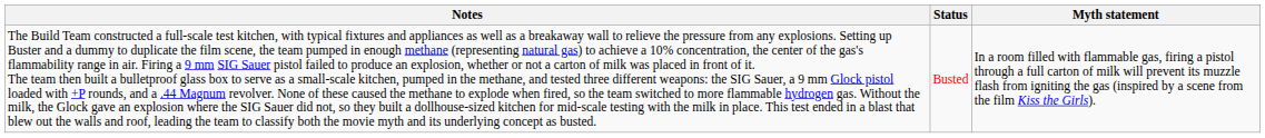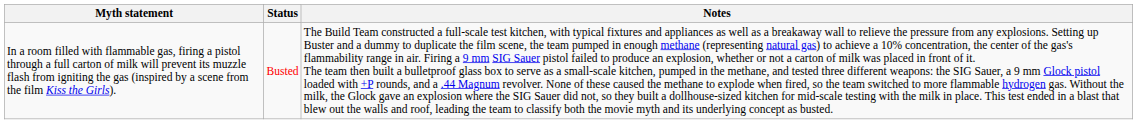 <table class="wikitable plainrowheaders">
 <tr>
+<th>Myth statement</th>
+<th>Status</th>
 <th>Notes</th>
-<th>Status</th>
-<th>Myth statement</th>
 </tr>
 <tr>
+<td>In a room filled with flammable gas, firing a pistol through a full carton of milk will prevent its muzzle flash from igniting the gas (inspired by a scene from the film <em><a href='#'>Kiss the Girls</a></em>).</td>
+<td style="color:red">Busted</td>
 <td>The Build Team constructed a full-scale test kitchen, with typical fixtures and appliances as well as a breakaway wall to relieve the pressure from any explosions. Setting up Buster and a dummy to duplicate the film scene, the team pumped in enough <a href='#'>methane</a> (representing <a href='#'>natural gas</a>) to achieve a 10% concentration, the center of the gas's flammability range in air. Firing a <a href='#'>9 mm</a> <a href='#'>SIG Sauer</a> pistol failed to produce an explosion, whether or not a carton of milk was placed in front of it.<br>The team then built a bulletproof glass box to serve as a small-scale kitchen, pumped in the methane, and tested three different weapons: the SIG Sauer, a 9 mm <a href='#'>Glock pistol</a> loaded with <a href='#'>+P</a> rounds, and a <a href='#'>.44 Magnum</a> revolver. None of these caused the methane to explode when fired, so the team switched to more flammable <a href='#'>hydrogen</a> gas. Without the milk, the Glock gave an explosion where the SIG Sauer did not, so they built a dollhouse-sized kitchen for mid-scale testing with the milk in place. This test ended in a blast that blew out the walls and roof, leading the team to classify both the movie myth and its underlying concept as busted.</td>
-<td style="color:red">Busted</td>
-<td>In a room filled with flammable gas, firing a pistol through a full carton of milk will prevent its muzzle flash from igniting the gas (inspired by a scene from the film <em><a href='#'>Kiss the Girls</a></em>).</td>
 </tr>
 </table>
